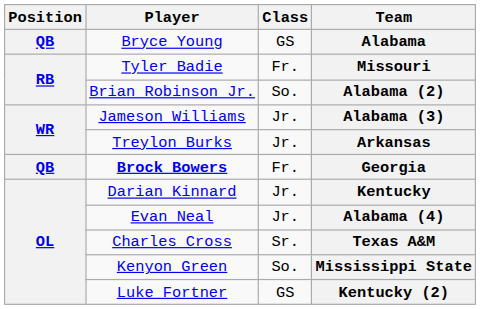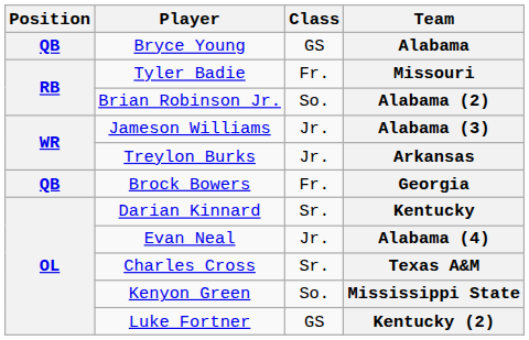 <table class="wikitable">
 <tr>
 <th>Position</th>
 <th>Player</th>
 <th>Class</th>
 <th>Team</th>
 </tr>
 <tr style="text-align:center;">
 <th rowspan="1"><a href='#'>QB</a></th>
 <td><a href='#'>Bryce Young</a></td>
 <td>GS</td>
 <th>Alabama</th>
 </tr>
 <tr style="text-align:center;">
 <th rowspan="2"><a href='#'>RB</a></th>
 <td><a href='#'>Tyler Badie</a></td>
 <td>Fr.</td>
 <th>Missouri</th>
 </tr>
 <tr style="text-align:center;">
 <td><a href='#'>Brian Robinson Jr.</a></td>
 <td>So.</td>
 <th>Alabama (2)</th>
 </tr>
 <tr style="text-align:center;">
 <th rowspan="2"><a href='#'>WR</a></th>
 <td><a href='#'>Jameson Williams</a></td>
 <td>Jr.</td>
 <th>Alabama (3)</th>
 </tr>
 <tr style="text-align:center;">
 <td><a href='#'>Treylon Burks</a></td>
 <td>Jr.</td>
 <th>Arkansas</th>
 </tr>
 <tr style="text-align:center;">
 <th rowspan="1"><a href='#'>QB</a></th>
-<td><strong><a href='#'>Brock Bowers</a></strong></td>
+<td><a href='#'>Brock Bowers</a></td>
 <td>Fr.</td>
 <th>Georgia</th>
 </tr>
 <tr style="text-align:center;">
 <th rowspan="5"><a href='#'>OL</a></th>
 <td><a href='#'>Darian Kinnard</a></td>
-<td>Jr.</td>
+<td>Sr.</td>
 <th>Kentucky</th>
 </tr>
 <tr style="text-align:center;">
 <td><a href='#'>Evan Neal</a></td>
 <td>Jr.</td>
 <th>Alabama (4)</th>
 </tr>
 <tr style="text-align:center;">
 <td><a href='#'>Charles Cross</a></td>
 <td>Sr.</td>
 <th>Texas A&M</th>
 </tr>
 <tr style="text-align:center;">
 <td><a href='#'>Kenyon Green</a></td>
 <td> So.</td>
 <th>Mississippi State</th>
 </tr>
 <tr style="text-align:center;">
 <td><a href='#'>Luke Fortner</a></td>
 <td>GS</td>
 <th>Kentucky (2)</th>
 </tr>
 </table>
